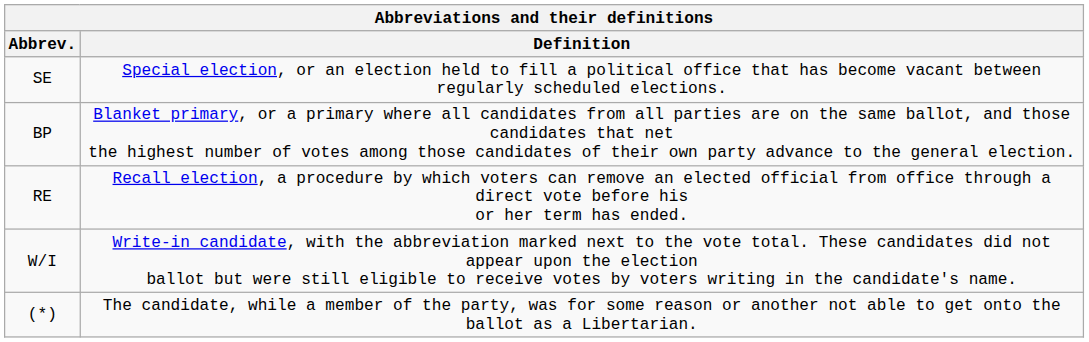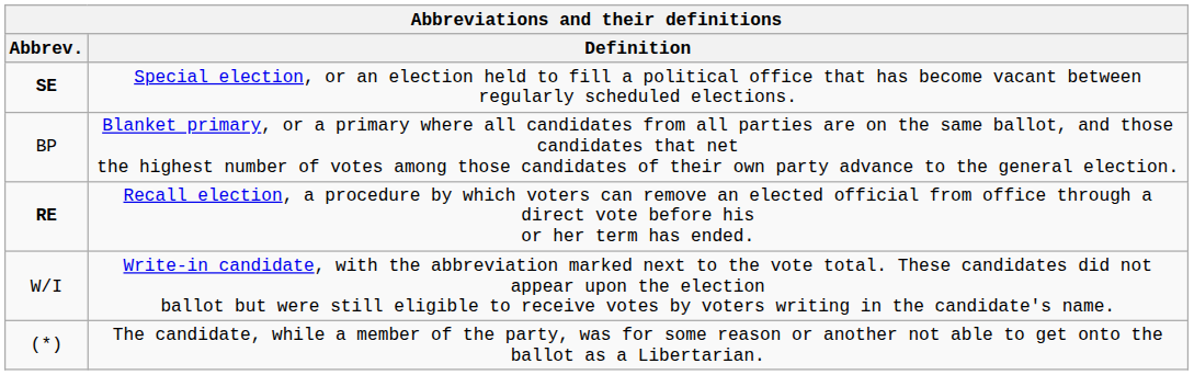 <table class=wikitable style="text-align:center;">
 <tr style="background:lightgrey;">
 <th colspan="9">Abbreviations and their definitions</th>
 </tr>
 <tr style="background:lightgrey;">
 <th>Abbrev.</th>
 <th>Definition</th>
 </tr>
 <tr>
-<td>SE</td>
+<td><strong>SE</strong></td>
 <td><a href='#'>Special election</a>, or an election held to fill a political office that has become vacant between regularly scheduled elections.</td>
 </tr>
 <tr>
 <td>BP</td>
 <td><a href='#'>Blanket primary</a>, or a primary where all candidates from all parties are on the same ballot, and those candidates that net <br>the highest number of votes among those candidates of their own party advance to the general election.</td>
 </tr>
 <tr>
-<td>RE</td>
+<td><strong>RE</strong></td>
 <td><a href='#'>Recall election</a>, a procedure by which voters can remove an elected official from office through a direct vote before his <br>or her term has ended.</td>
 </tr>
 <tr>
 <td>W/I</td>
 <td><a href='#'>Write-in candidate</a>, with the abbreviation marked next to the vote total. These candidates did not appear upon the election <br>ballot but were still eligible to receive votes by voters writing in the candidate's name.</td>
 </tr>
 <tr>
 <td>(*)</td>
 <td>The candidate, while a member of the party, was for some reason or another not able to get onto the ballot as a Libertarian.</td>
 </tr>
 </table>
